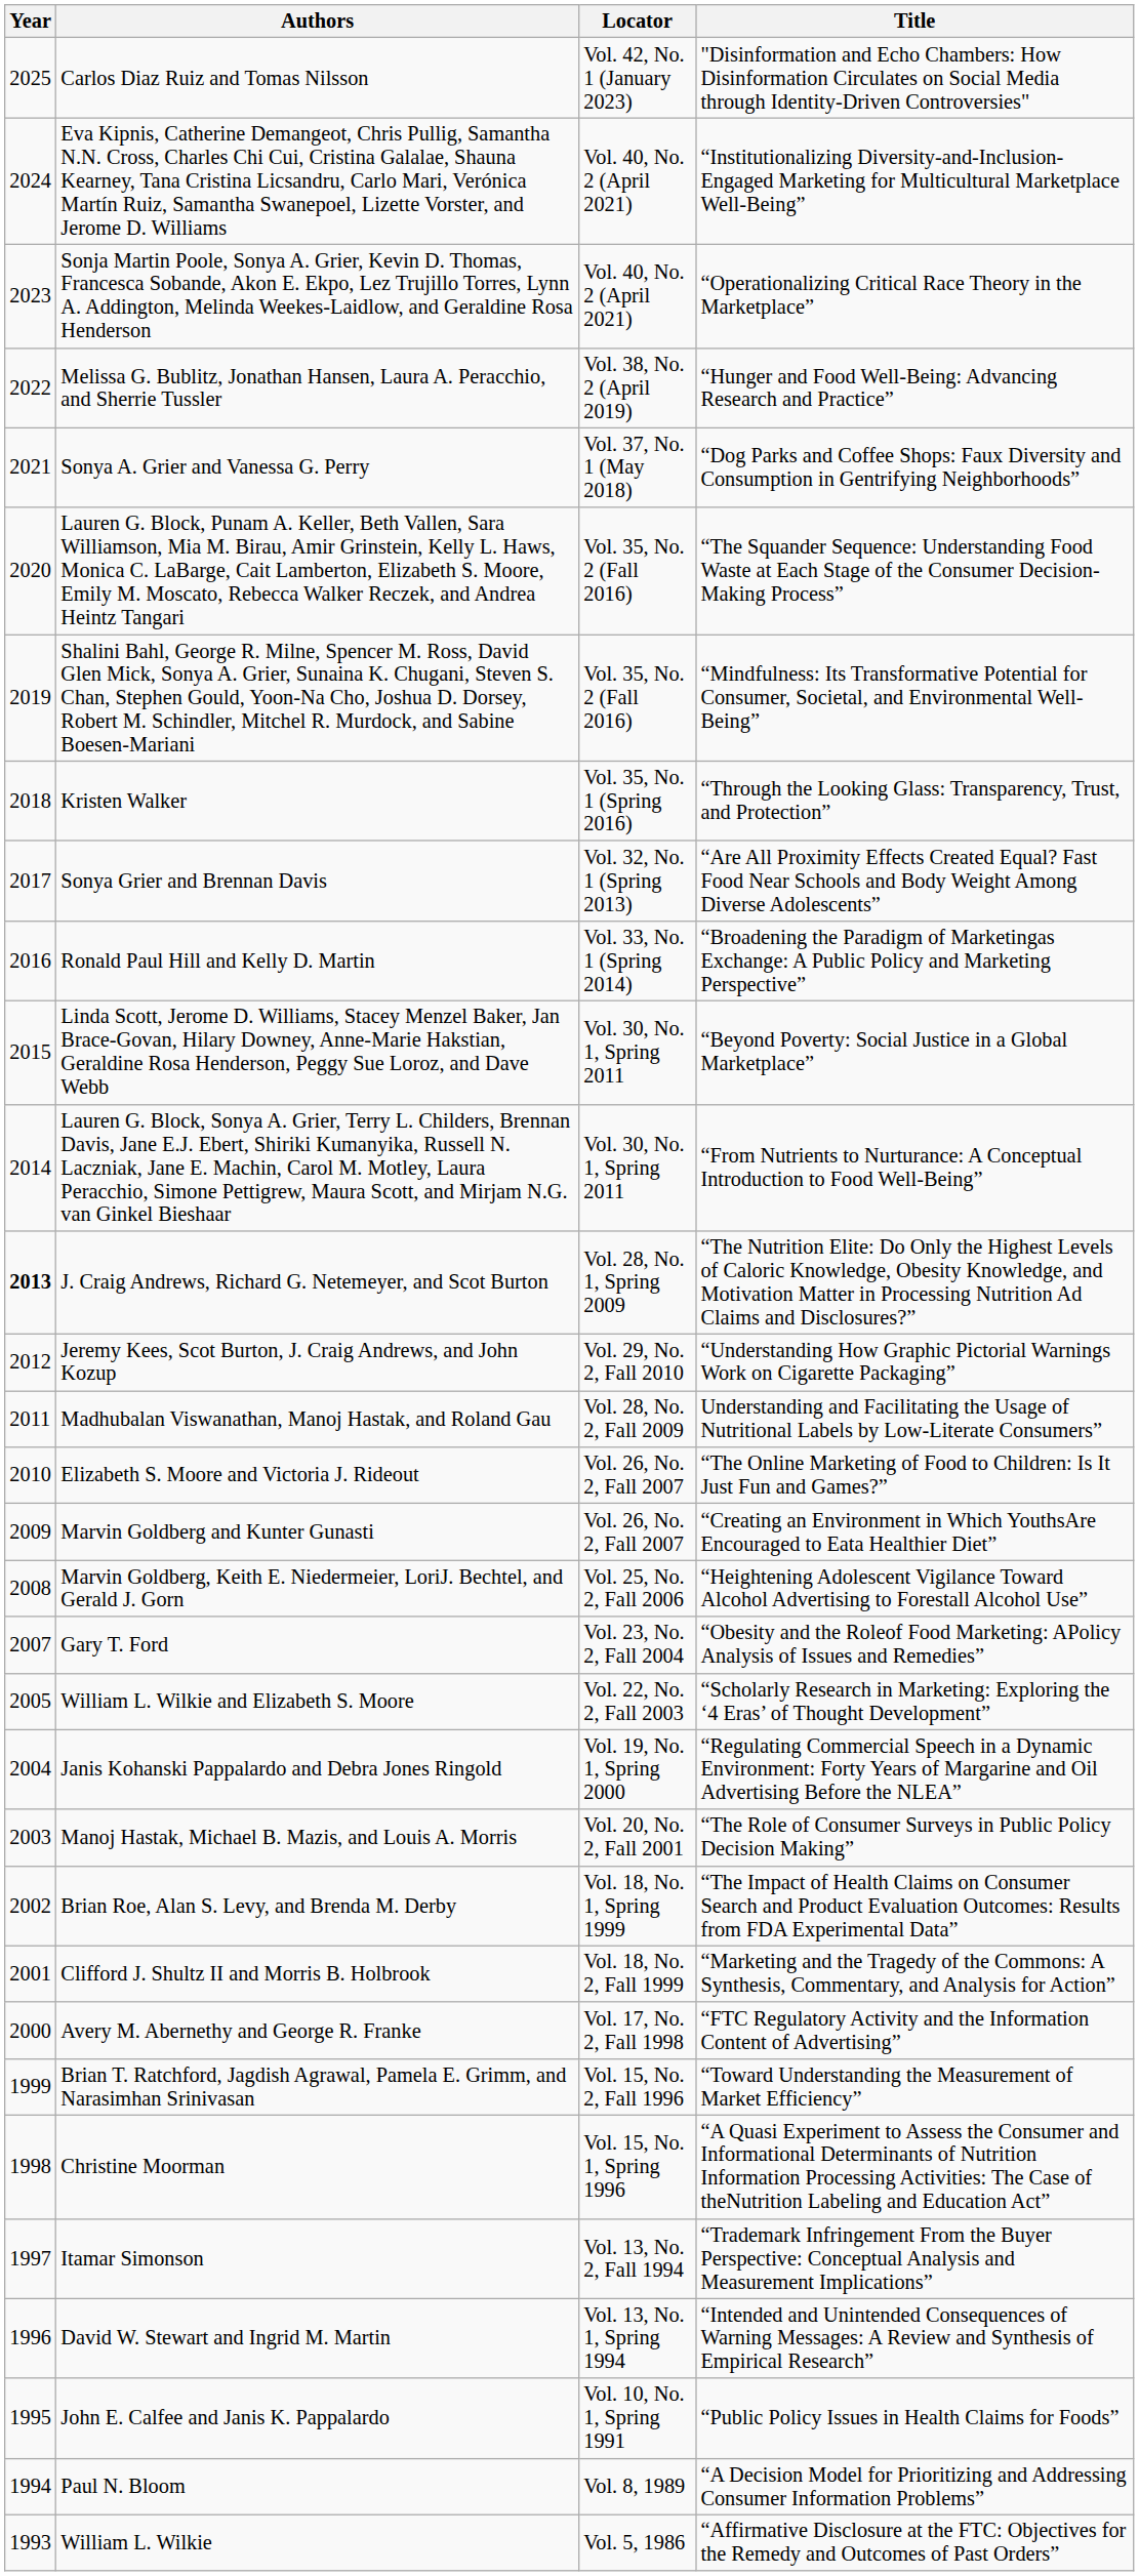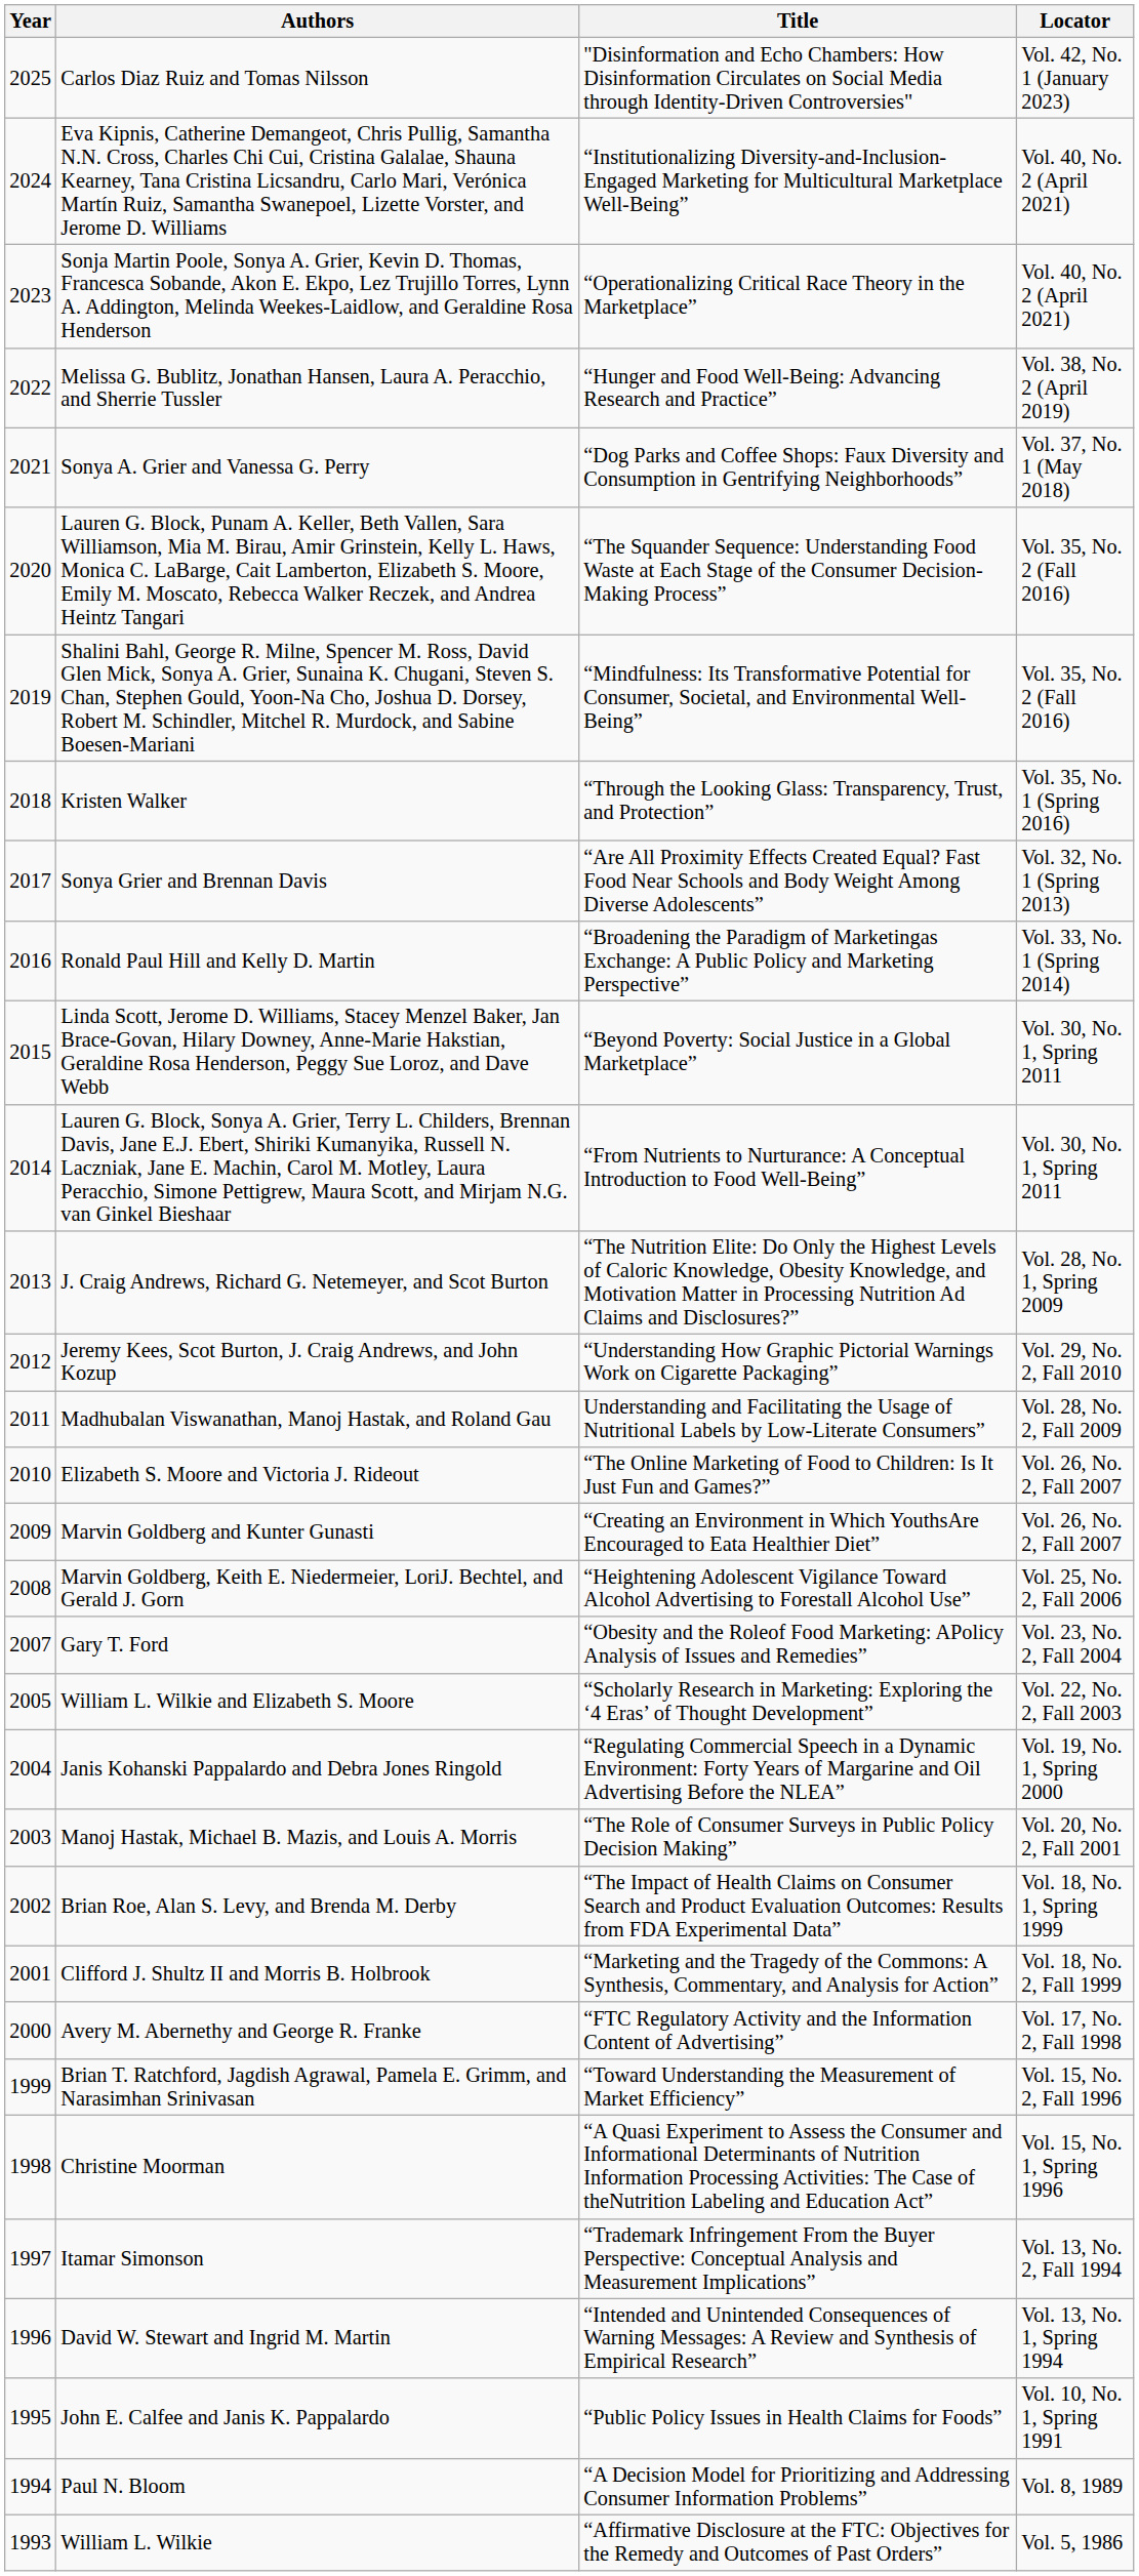 <table class="wikitable">
 <tr>
 <th>Year</th>
 <th>Authors</th>
+<th>Title</th>
 <th>Locator</th>
-<th>Title</th>
 </tr>
 <tr>
 <td>2025</td>
 <td>Carlos Diaz Ruiz and Tomas Nilsson</td>
+<td>"Disinformation and Echo Chambers: How Disinformation Circulates on Social Media through Identity-Driven Controversies"</td>
 <td>Vol. 42, No. 1 (January 2023)</td>
-<td>"Disinformation and Echo Chambers: How Disinformation Circulates on Social Media through Identity-Driven Controversies"</td>
 </tr>
 <tr>
 <td>2024</td>
 <td>Eva Kipnis, Catherine Demangeot, Chris Pullig, Samantha N.N. Cross, Charles Chi Cui, Cristina Galalae, Shauna Kearney, Tana Cristina Licsandru, Carlo Mari, Verónica Martín Ruiz, Samantha Swanepoel, Lizette Vorster, and Jerome D. Williams</td>
+<td>“Institutionalizing Diversity-and-Inclusion-Engaged Marketing for Multicultural Marketplace Well-Being”</td>
 <td>Vol. 40, No. 2 (April 2021)</td>
-<td>“Institutionalizing Diversity-and-Inclusion-Engaged Marketing for Multicultural Marketplace Well-Being”</td>
 </tr>
 <tr>
 <td>2023</td>
 <td>Sonja Martin Poole, Sonya A. Grier, Kevin D. Thomas, Francesca Sobande, Akon E. Ekpo, Lez Trujillo Torres, Lynn A. Addington, Melinda Weekes-Laidlow, and Geraldine Rosa Henderson</td>
+<td>“Operationalizing Critical Race Theory in the Marketplace”</td>
 <td>Vol. 40, No. 2 (April 2021)</td>
-<td>“Operationalizing Critical Race Theory in the Marketplace”</td>
 </tr>
 <tr>
 <td>2022</td>
 <td>Melissa G. Bublitz, Jonathan Hansen, Laura A. Peracchio, and Sherrie Tussler</td>
+<td>“Hunger and Food Well-Being: Advancing Research and Practice”</td>
 <td>Vol. 38, No. 2 (April 2019)</td>
-<td>“Hunger and Food Well-Being: Advancing Research and Practice”</td>
 </tr>
 <tr>
 <td>2021</td>
 <td>Sonya A. Grier and Vanessa G. Perry</td>
+<td>“Dog Parks and Coffee Shops: Faux Diversity and Consumption in Gentrifying Neighborhoods”</td>
 <td>Vol. 37, No. 1 (May 2018)</td>
-<td>“Dog Parks and Coffee Shops: Faux Diversity and Consumption in Gentrifying Neighborhoods”</td>
 </tr>
 <tr>
 <td>2020</td>
 <td>Lauren G. Block, Punam A. Keller, Beth Vallen, Sara Williamson, Mia M. Birau, Amir Grinstein, Kelly L. Haws, Monica C. LaBarge, Cait Lamberton, Elizabeth S. Moore, Emily M. Moscato, Rebecca Walker Reczek, and Andrea Heintz Tangari</td>
+<td>“The Squander Sequence: Understanding Food Waste at Each Stage of the Consumer Decision-Making Process”</td>
 <td>Vol. 35, No. 2 (Fall 2016)</td>
-<td>“The Squander Sequence: Understanding Food Waste at Each Stage of the Consumer Decision-Making Process”</td>
 </tr>
 <tr>
 <td>2019</td>
 <td>Shalini Bahl, George R. Milne, Spencer M. Ross, David Glen Mick, Sonya A. Grier, Sunaina K. Chugani, Steven S. Chan, Stephen Gould, Yoon-Na Cho, Joshua D. Dorsey, Robert M. Schindler, Mitchel R. Murdock, and Sabine Boesen-Mariani</td>
+<td>“Mindfulness: Its Transformative Potential for Consumer, Societal, and Environmental Well-Being”</td>
 <td>Vol. 35, No. 2 (Fall 2016)</td>
-<td>“Mindfulness: Its Transformative Potential for Consumer, Societal, and Environmental Well-Being”</td>
 </tr>
 <tr>
 <td>2018</td>
 <td>Kristen Walker</td>
+<td>“Through the Looking Glass: Transparency, Trust, and Protection”</td>
 <td>Vol. 35, No. 1 (Spring 2016)</td>
-<td>“Through the Looking Glass: Transparency, Trust, and Protection”</td>
 </tr>
 <tr>
 <td>2017</td>
 <td>Sonya Grier and Brennan Davis</td>
+<td>“Are All Proximity Effects Created Equal? Fast Food Near Schools and Body Weight Among Diverse Adolescents”</td>
 <td>Vol. 32, No. 1 (Spring 2013)</td>
-<td>“Are All Proximity Effects Created Equal? Fast Food Near Schools and Body Weight Among Diverse Adolescents”</td>
 </tr>
 <tr>
 <td>2016</td>
 <td>Ronald Paul Hill and Kelly D. Martin</td>
+<td>“Broadening the Paradigm of Marketingas Exchange: A Public Policy and Marketing Perspective​”</td>
 <td>Vol. 33, No. 1 (Spring 2014)</td>
-<td>“Broadening the Paradigm of Marketingas Exchange: A Public Policy and Marketing Perspective​”</td>
 </tr>
 <tr>
 <td>2015</td>
 <td>Linda Scott, Jerome D. Williams, Stacey Menzel Baker, Jan Brace-Govan, Hilary Downey, Anne-Marie Hakstian, Geraldine Rosa Henderson, Peggy Sue Loroz, and Dave Webb</td>
+<td>“Beyond Poverty: Social Justice in a Global Marketplace​”</td>
 <td>Vol. 30, No. 1, Spring 2011</td>
-<td>“Beyond Poverty: Social Justice in a Global Marketplace​”</td>
 </tr>
 <tr>
 <td>2014</td>
 <td>Lauren G. Block, Sonya A. Grier, Terry L. Childers, Brennan Davis, Jane E.J. Ebert, Shiriki Kumanyika, Russell N. Laczniak, Jane E. Machin, Carol M. Motley, Laura Peracchio, Simone Pettigrew, Maura Scott, and Mirjam N.G. van Ginkel Bieshaar</td>
+<td>“From Nutrients to Nurturance: A Conceptual Introduction to Food Well-Being”</td>
 <td>Vol. 30, No. 1, Spring 2011</td>
-<td>“From Nutrients to Nurturance: A Conceptual Introduction to Food Well-Being”</td>
 </tr>
 <tr>
-<td><strong>2013</strong></td>
+<td>2013</td>
 <td>J. Craig Andrews, Richard G. Netemeyer, and Scot Burton</td>
+<td>“The Nutrition Elite: Do Only the Highest Levels of Caloric Knowledge, Obesity Knowledge, and Motivation Matter in Processing Nutrition Ad Claims and Disclosures?”</td>
 <td>Vol. 28, No. 1, Spring 2009</td>
-<td>“The Nutrition Elite: Do Only the Highest Levels of Caloric Knowledge, Obesity Knowledge, and Motivation Matter in Processing Nutrition Ad Claims and Disclosures?”</td>
 </tr>
 <tr>
 <td>2012</td>
 <td>Jeremy Kees, Scot Burton, J. Craig Andrews, and John Kozup</td>
+<td>“Understanding How Graphic Pictorial Warnings Work on Cigarette Packaging”</td>
 <td>Vol. 29, No. 2, Fall 2010</td>
-<td>“Understanding How Graphic Pictorial Warnings Work on Cigarette Packaging”</td>
 </tr>
 <tr>
 <td>2011</td>
 <td>Madhubalan Viswanathan, Manoj Hastak, and Roland Gau</td>
+<td>Understanding and Facilitating the Usage of Nutritional Labels by Low-Literate Consumers”</td>
 <td>Vol. 28, No. 2, Fall 2009</td>
-<td>Understanding and Facilitating the Usage of Nutritional Labels by Low-Literate Consumers”</td>
 </tr>
 <tr>
 <td>2010</td>
 <td>Elizabeth S. Moore and Victoria J. Rideout</td>
+<td>“The Online Marketing of Food to Children: Is It Just Fun and Games?”</td>
 <td>Vol. 26, No. 2, Fall 2007</td>
-<td>“The Online Marketing of Food to Children: Is It Just Fun and Games?”</td>
 </tr>
 <tr>
 <td>2009</td>
 <td>Marvin Goldberg and Kunter Gunasti</td>
+<td>“Creating an Environment in Which YouthsAre Encouraged to Eata Healthier Diet”</td>
 <td>Vol. 26, No. 2, Fall 2007</td>
-<td>“Creating an Environment in Which YouthsAre Encouraged to Eata Healthier Diet”</td>
 </tr>
 <tr>
 <td>2008</td>
 <td>Marvin Goldberg, Keith E. Niedermeier, LoriJ. Bechtel, and Gerald J. Gorn</td>
+<td>“Heightening Adolescent Vigilance Toward Alcohol Advertising to Forestall Alcohol Use”</td>
 <td>Vol. 25, No. 2, Fall 2006</td>
-<td>“Heightening Adolescent Vigilance Toward Alcohol Advertising to Forestall Alcohol Use”</td>
 </tr>
 <tr>
 <td>2007</td>
 <td>Gary T. Ford</td>
+<td>“Obesity and the Roleof Food Marketing: APolicy Analysis of Issues and Remedies”</td>
 <td>Vol. 23, No. 2, Fall 2004</td>
-<td>“Obesity and the Roleof Food Marketing: APolicy Analysis of Issues and Remedies”</td>
 </tr>
 <tr>
 <td>2005</td>
 <td>William L. Wilkie and Elizabeth S. Moore</td>
+<td>“Scholarly Research in Marketing: Exploring the ‘4 Eras’ of Thought Development”</td>
 <td>Vol. 22, No. 2, Fall 2003</td>
-<td>“Scholarly Research in Marketing: Exploring the ‘4 Eras’ of Thought Development”</td>
 </tr>
 <tr>
 <td>2004</td>
 <td>Janis Kohanski Pappalardo and Debra Jones Ringold</td>
+<td>“Regulating Commercial Speech in a Dynamic Environment: Forty Years of Margarine and Oil Advertising Before the NLEA”</td>
 <td>Vol. 19, No. 1, Spring 2000</td>
-<td>“Regulating Commercial Speech in a Dynamic Environment: Forty Years of Margarine and Oil Advertising Before the NLEA”</td>
 </tr>
 <tr>
 <td>2003</td>
 <td>Manoj Hastak, Michael B. Mazis, and Louis A. Morris</td>
+<td>“The Role of Consumer Surveys in Public Policy Decision Making”</td>
 <td>Vol. 20, No. 2, Fall 2001</td>
-<td>“The Role of Consumer Surveys in Public Policy Decision Making”</td>
 </tr>
 <tr>
 <td>2002</td>
 <td>Brian Roe, Alan S. Levy, and Brenda M. Derby</td>
+<td>“The Impact of Health Claims on Consumer Search and Product Evaluation Outcomes: Results from FDA Experimental Data”</td>
 <td>Vol. 18, No. 1, Spring 1999</td>
-<td>“The Impact of Health Claims on Consumer Search and Product Evaluation Outcomes: Results from FDA Experimental Data”</td>
 </tr>
 <tr>
 <td>2001</td>
 <td>Clifford J. Shultz II and Morris B. Holbrook</td>
+<td>“Marketing and the Tragedy of the Commons: A Synthesis, Commentary, and Analysis for Action”</td>
 <td>Vol. 18, No. 2, Fall 1999</td>
-<td>“Marketing and the Tragedy of the Commons: A Synthesis, Commentary, and Analysis for Action”</td>
 </tr>
 <tr>
 <td>2000</td>
 <td>Avery M. Abernethy and George R. Franke</td>
+<td>“FTC Regulatory Activity and the Information Content of Advertising”</td>
 <td>Vol. 17, No. 2, Fall 1998</td>
-<td>“FTC Regulatory Activity and the Information Content of Advertising”</td>
 </tr>
 <tr>
 <td>1999</td>
 <td>Brian T. Ratchford, Jagdish Agrawal, Pamela E. Grimm, and Narasimhan Srinivasan</td>
+<td>“Toward Understanding the Measurement of Market Efficiency”</td>
 <td>Vol. 15, No. 2, Fall 1996</td>
-<td>“Toward Understanding the Measurement of Market Efficiency”</td>
 </tr>
 <tr>
 <td>1998</td>
 <td>Christine Moorman</td>
+<td>“A Quasi Experiment to Assess the Consumer and Informational Determinants of Nutrition Information Processing Activities: The Case of theNutrition Labeling and Education Act”</td>
 <td>Vol. 15, No. 1, Spring 1996</td>
-<td>“A Quasi Experiment to Assess the Consumer and Informational Determinants of Nutrition Information Processing Activities: The Case of theNutrition Labeling and Education Act”</td>
 </tr>
 <tr>
 <td>1997</td>
 <td>Itamar Simonson</td>
+<td>“Trademark Infringement From the Buyer Perspective: Conceptual Analysis and Measurement Implications”</td>
 <td>Vol. 13, No. 2, Fall 1994</td>
-<td>“Trademark Infringement From the Buyer Perspective: Conceptual Analysis and Measurement Implications”</td>
 </tr>
 <tr>
 <td>1996</td>
 <td>David W. Stewart and Ingrid M. Martin</td>
+<td>“Intended and Unintended Consequences of Warning Messages: A Review and Synthesis of Empirical Research”</td>
 <td>Vol. 13, No. 1, Spring 1994</td>
-<td>“Intended and Unintended Consequences of Warning Messages: A Review and Synthesis of Empirical Research”</td>
 </tr>
 <tr>
 <td>1995</td>
 <td>John E. Calfee and Janis K. Pappalardo</td>
+<td>“Public Policy Issues in Health Claims for Foods”</td>
 <td>Vol. 10, No. 1, Spring 1991</td>
-<td>“Public Policy Issues in Health Claims for Foods”</td>
 </tr>
 <tr>
 <td>1994</td>
 <td>Paul N. Bloom</td>
+<td>“A Decision Model for Prioritizing and Addressing Consumer Information Problems”</td>
 <td>Vol. 8, 1989</td>
-<td>“A Decision Model for Prioritizing and Addressing Consumer Information Problems”</td>
 </tr>
 <tr>
 <td>1993</td>
 <td>William L. Wilkie</td>
+<td>“Affirmative Disclosure at the FTC: Objectives for the Remedy and Outcomes of Past Orders”</td>
 <td>Vol. 5, 1986</td>
-<td>“Affirmative Disclosure at the FTC: Objectives for the Remedy and Outcomes of Past Orders”</td>
 </tr>
 </table>
